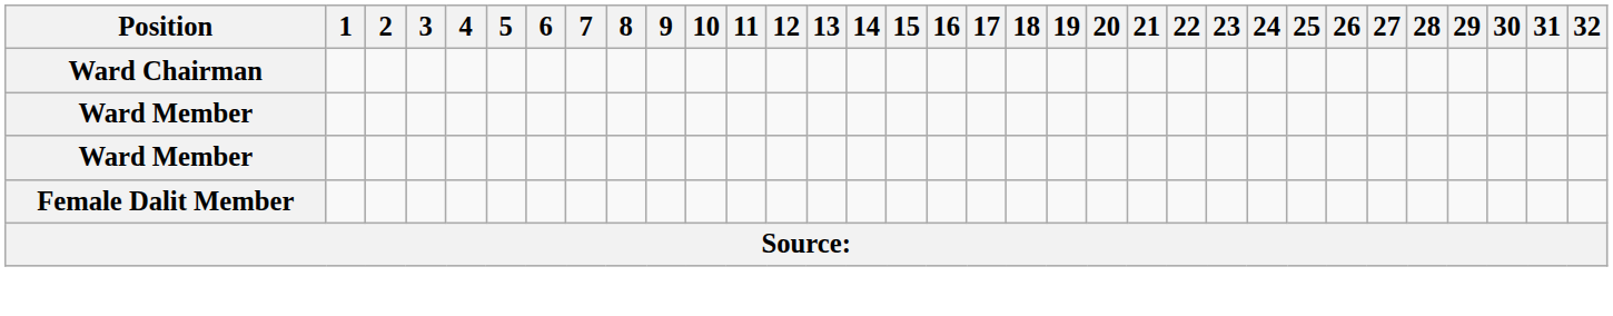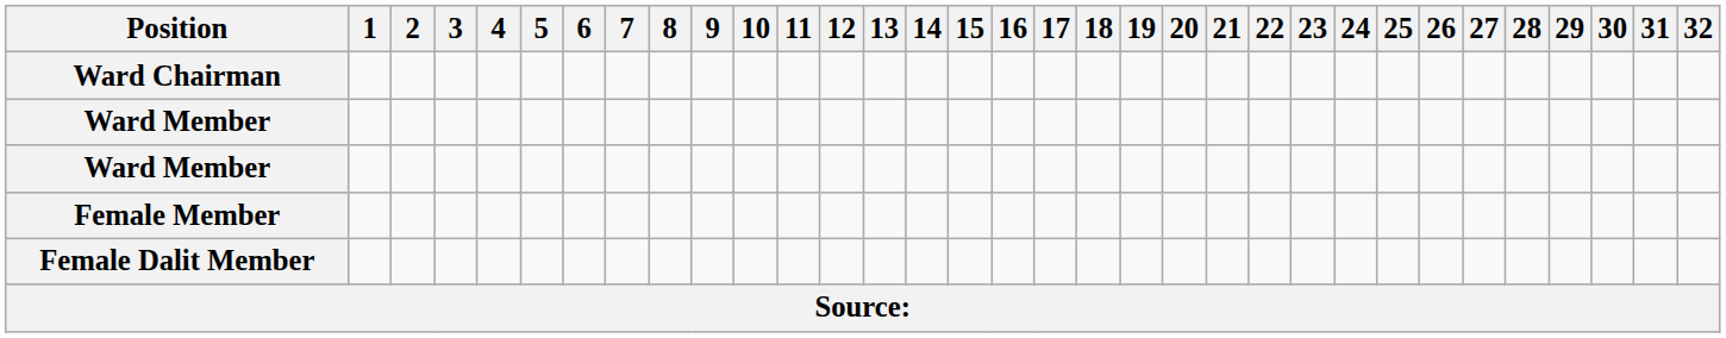 <table class="wikitable">
 <tr>
 <th>Position</th>
 <th width="2.5%">1</th>
 <th width="2.5%">2</th>
 <th width="2.5%">3</th>
 <th width="2.5%">4</th>
 <th width="2.5%">5</th>
 <th width="2.5%">6</th>
 <th width="2.5%">7</th>
 <th width="2.5%">8</th>
 <th width="2.5%">9</th>
 <th width="2.5%">10</th>
 <th width="2.5%">11</th>
 <th width="2.5%">12</th>
 <th width="2.5%">13</th>
 <th width="2.5%">14</th>
 <th width="2.5%">15</th>
 <th width="2.5%">16</th>
 <th width="2.5%">17</th>
 <th width="2.5%">18</th>
 <th width="2.5%">19</th>
 <th width="2.5%">20</th>
 <th width="2.5%">21</th>
 <th width="2.5%">22</th>
 <th width="2.5%">23</th>
 <th width="2.5%">24</th>
 <th width="2.5%">25</th>
 <th width="2.5%">26</th>
 <th width="2.5%">27</th>
 <th width="2.5%">28</th>
 <th width="2.5%">29</th>
 <th width="2.5%">30</th>
 <th width="2.5%">31</th>
 <th width="2.5%">32</th>
 </tr>
 <tr>
 <th>Ward Chairman</th>
 <td style="background-color:"></td>
 <td style="background-color:"></td>
 <td style="background-color:"></td>
 <td style="background-color:"></td>
 <td style="background-color:"></td>
 <td style="background-color:"></td>
 <td style="background-color:"></td>
 <td style="background-color:"></td>
 <td style="background-color:"></td>
 <td style="background-color:"></td>
 <td style="background-color:"></td>
 <td style="background-color:"></td>
 <td style="background-color:"></td>
 <td style="background-color:"></td>
 <td style="background-color:"></td>
 <td style="background-color:"></td>
 <td style="background-color:"></td>
 <td style="background-color:"></td>
 <td style="background-color:"></td>
 <td style="background-color:"></td>
 <td style="background-color:"></td>
 <td style="background-color:"></td>
 <td style="background-color:"></td>
 <td style="background-color:"></td>
 <td style="background-color:"></td>
 <td style="background-color:"></td>
 <td style="background-color:"></td>
 <td style="background-color:"></td>
 <td style="background-color:"></td>
 <td style="background-color:"></td>
 <td style="background-color:"></td>
 <td style="background-color:"></td>
 </tr>
 <tr>
 <th>Ward Member</th>
 <td style="background-color:"></td>
 <td style="background-color:"></td>
 <td style="background-color:"></td>
 <td style="background-color:"></td>
 <td style="background-color:"></td>
 <td style="background-color:"></td>
 <td style="background-color:"></td>
 <td style="background-color:"></td>
 <td style="background-color:"></td>
 <td style="background-color:"></td>
 <td style="background-color:"></td>
 <td style="background-color:"></td>
 <td style="background-color:"></td>
 <td style="background-color:"></td>
 <td style="background-color:"></td>
 <td style="background-color:"></td>
 <td style="background-color:"></td>
 <td style="background-color:"></td>
 <td style="background-color:"></td>
 <td style="background-color:"></td>
 <td style="background-color:"></td>
 <td style="background-color:"></td>
 <td style="background-color:"></td>
 <td style="background-color:"></td>
 <td style="background-color:"></td>
 <td style="background-color:"></td>
 <td style="background-color:"></td>
 <td style="background-color:"></td>
 <td style="background-color:"></td>
 <td style="background-color:"></td>
 <td style="background-color:"></td>
 <td style="background-color:"></td>
 </tr>
 <tr>
 <th>Ward Member</th>
 <td style="background-color:"></td>
 <td style="background-color:"></td>
 <td style="background-color:"></td>
 <td style="background-color:"></td>
 <td style="background-color:"></td>
 <td style="background-color:"></td>
 <td style="background-color:"></td>
 <td style="background-color:"></td>
 <td style="background-color:"></td>
 <td style="background-color:"></td>
 <td style="background-color:"></td>
 <td style="background-color:"></td>
 <td style="background-color:"></td>
 <td style="background-color:"></td>
 <td style="background-color:"></td>
 <td style="background-color:"></td>
 <td style="background-color:"></td>
 <td style="background-color:"></td>
 <td style="background-color:"></td>
 <td style="background-color:"></td>
 <td style="background-color:"></td>
 <td style="background-color:"></td>
 <td style="background-color:"></td>
 <td style="background-color:"></td>
 <td style="background-color:"></td>
 <td style="background-color:"></td>
 <td style="background-color:"></td>
 <td style="background-color:"></td>
 <td style="background-color:"></td>
 <td style="background-color:"></td>
 <td style="background-color:"></td>
 <td style="background-color:"></td>
 </tr>
 <tr>
+<th>Female Member</th>
+<td style="background-color:"></td>
+<td style="background-color:"></td>
+<td style="background-color:"></td>
+<td style="background-color:"></td>
+<td style="background-color:"></td>
+<td style="background-color:"></td>
+<td style="background-color:"></td>
+<td style="background-color:"></td>
+<td style="background-color:"></td>
+<td style="background-color:"></td>
+<td style="background-color:"></td>
+<td style="background-color:"></td>
+<td style="background-color:"></td>
+<td style="background-color:"></td>
+<td style="background-color:"></td>
+<td style="background-color:"></td>
+<td style="background-color:"></td>
+<td style="background-color:"></td>
+<td style="background-color:"></td>
+<td style="background-color:"></td>
+<td style="background-color:"></td>
+<td style="background-color:"></td>
+<td style="background-color:"></td>
+<td style="background-color:"></td>
+<td style="background-color:"></td>
+<td style="background-color:"></td>
+<td style="background-color:"></td>
+<td style="background-color:"></td>
+<td style="background-color:"></td>
+<td style="background-color:"></td>
+<td style="background-color:"></td>
+<td style="background-color:"></td>
+</tr>
+<tr>
 <th>Female Dalit Member</th>
 <td style="background-color:"></td>
 <td style="background-color:"></td>
 <td style="background-color:"></td>
 <td style="background-color:"></td>
 <td style="background-color:"></td>
 <td style="background-color:"></td>
 <td style="background-color:"></td>
 <td style="background-color:"></td>
 <td style="background-color:"></td>
 <td style="background-color:"></td>
 <td style="background-color:"></td>
 <td style="background-color:"></td>
 <td style="background-color:"></td>
 <td style="background-color:"></td>
 <td style="background-color:"></td>
 <td style="background-color:"></td>
 <td style="background-color:"></td>
 <td style="background-color:"></td>
 <td style="background-color:"></td>
 <td style="background-color:"></td>
 <td style="background-color:"></td>
 <td style="background-color:"></td>
 <td style="background-color:"></td>
 <td></td>
 <td></td>
 <td style="background-color:"></td>
 <td></td>
 <td style="background-color:"></td>
 <td style="background-color:"></td>
 <td style="background-color:"></td>
 <td style="background-color:"></td>
 <td style="background-color:"></td>
 </tr>
 <tr>
 <th colspan="33">Source: </th>
 </tr>
 </table>
